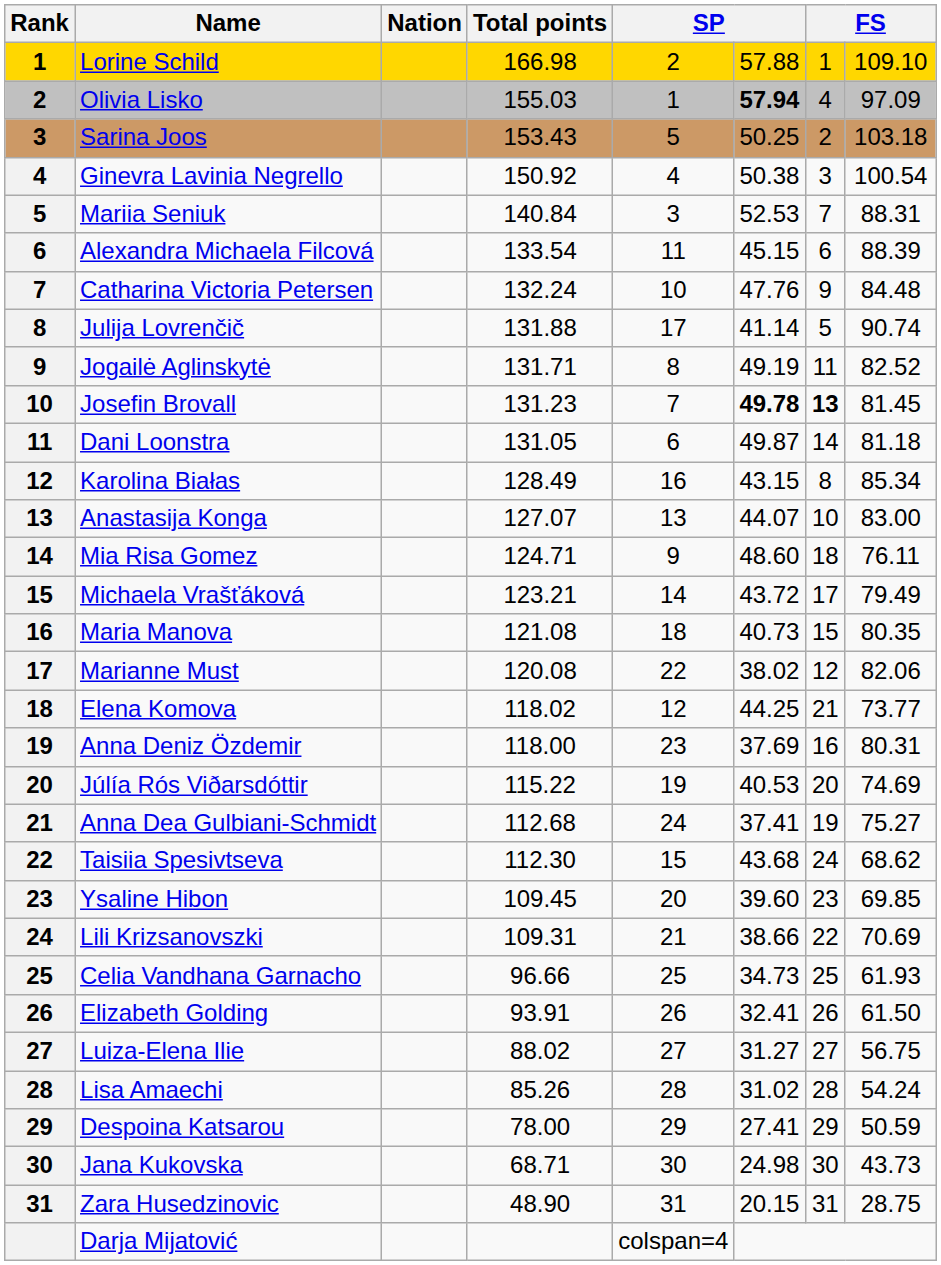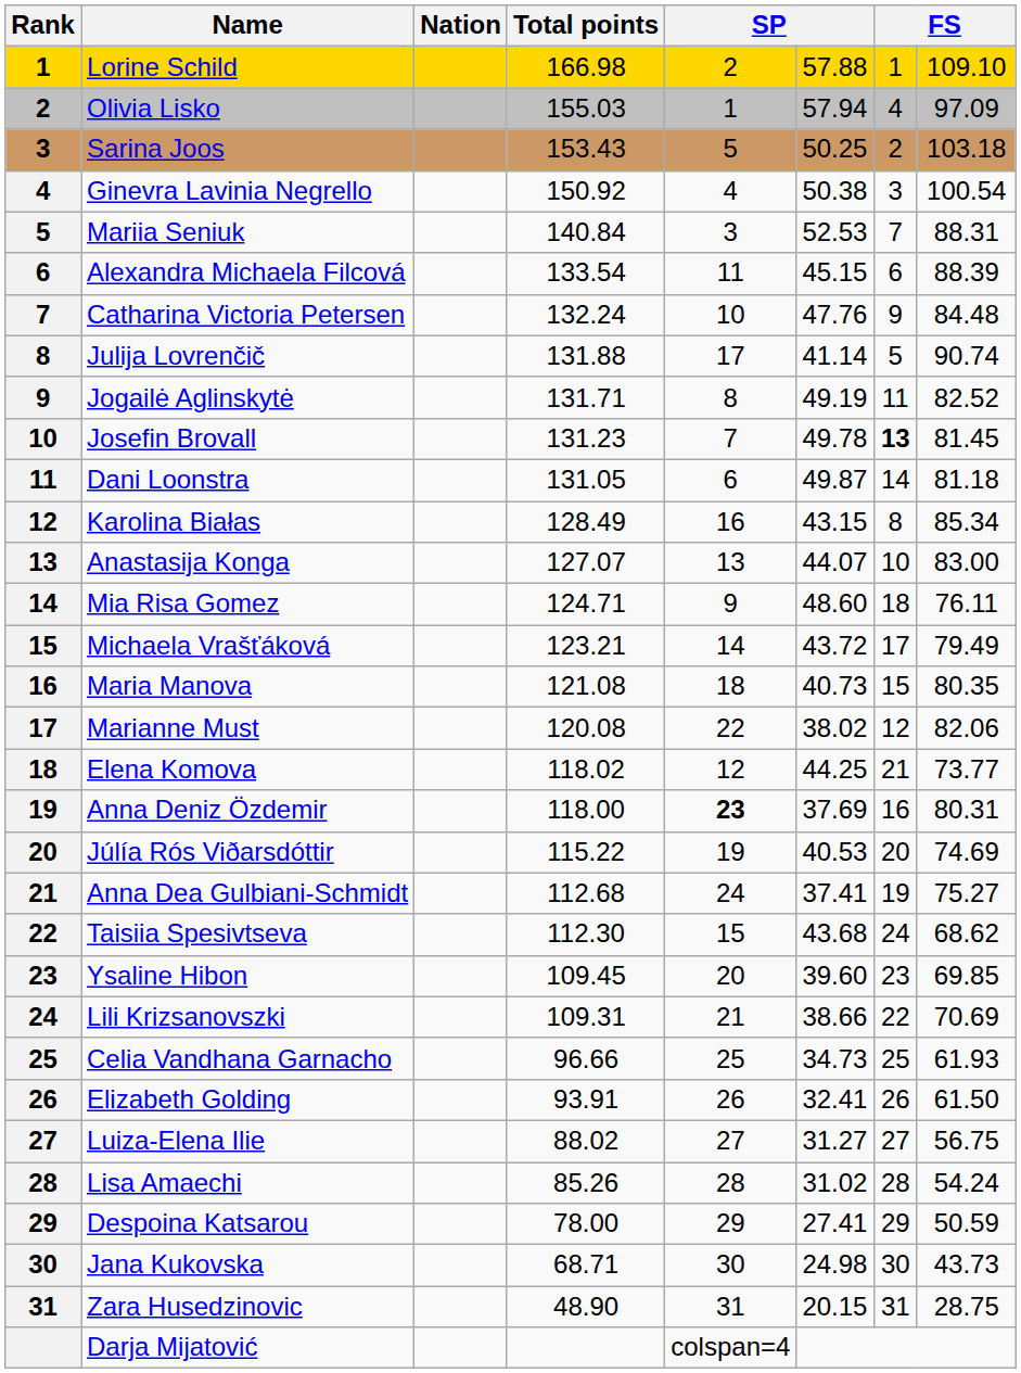 <table class="wikitable sortable" style="text-align:center;">
 <tr>
 <th>Rank</th>
 <th>Name</th>
 <th>Nation</th>
 <th>Total points</th>
 <th colspan="2" width="80px"><a href='#'>SP</a></th>
 <th colspan="2" width="80px"><a href='#'>FS</a></th>
 </tr>
 <tr bgcolor="gold">
 <td><strong>1</strong></td>
 <td align="left"><a href='#'>Lorine Schild</a></td>
 <td align="left"></td>
 <td>166.98</td>
 <td>2</td>
 <td>57.88</td>
 <td>1</td>
 <td>109.10</td>
 </tr>
 <tr bgcolor="silver">
 <td><strong>2</strong></td>
 <td align="left"><a href='#'>Olivia Lisko</a></td>
 <td align="left"></td>
 <td>155.03</td>
 <td>1</td>
-<td><strong>57.94</strong></td>
+<td>57.94</td>
 <td>4</td>
 <td>97.09</td>
 </tr>
 <tr bgcolor="CC9966">
 <td><strong>3</strong></td>
 <td align="left"><a href='#'>Sarina Joos</a></td>
 <td align="left"></td>
 <td>153.43</td>
 <td>5</td>
 <td>50.25</td>
 <td>2</td>
 <td>103.18</td>
 </tr>
 <tr>
 <th>4</th>
 <td align="left"><a href='#'>Ginevra Lavinia Negrello</a></td>
 <td align="left"></td>
 <td>150.92</td>
 <td>4</td>
 <td>50.38</td>
 <td>3</td>
 <td>100.54</td>
 </tr>
 <tr>
 <th>5</th>
 <td align="left"><a href='#'>Mariia Seniuk</a></td>
 <td align="left"></td>
 <td>140.84</td>
 <td>3</td>
 <td>52.53</td>
 <td>7</td>
 <td>88.31</td>
 </tr>
 <tr>
 <th>6</th>
 <td align="left"><a href='#'>Alexandra Michaela Filcová</a></td>
 <td align="left"></td>
 <td>133.54</td>
 <td>11</td>
 <td>45.15</td>
 <td>6</td>
 <td>88.39</td>
 </tr>
 <tr>
 <th>7</th>
 <td align="left"><a href='#'>Catharina Victoria Petersen</a></td>
 <td align="left"></td>
 <td>132.24</td>
 <td>10</td>
 <td>47.76</td>
 <td>9</td>
 <td>84.48</td>
 </tr>
 <tr>
 <th>8</th>
 <td align="left"><a href='#'>Julija Lovrenčič</a></td>
 <td align="left"></td>
 <td>131.88</td>
 <td>17</td>
 <td>41.14</td>
 <td>5</td>
 <td>90.74</td>
 </tr>
 <tr>
 <th>9</th>
 <td align="left"><a href='#'>Jogailė Aglinskytė</a></td>
 <td align="left"></td>
 <td>131.71</td>
 <td>8</td>
 <td>49.19</td>
 <td>11</td>
 <td>82.52</td>
 </tr>
 <tr>
 <th>10</th>
 <td align="left"><a href='#'>Josefin Brovall</a></td>
 <td align="left"></td>
 <td>131.23</td>
 <td>7</td>
-<td><strong>49.78</strong></td>
+<td>49.78</td>
 <td><strong>13</strong></td>
 <td>81.45</td>
 </tr>
 <tr>
 <th>11</th>
 <td align="left"><a href='#'>Dani Loonstra</a></td>
 <td align="left"></td>
 <td>131.05</td>
 <td>6</td>
 <td>49.87</td>
 <td>14</td>
 <td>81.18</td>
 </tr>
 <tr>
 <th>12</th>
 <td align="left"><a href='#'>Karolina Białas</a></td>
 <td align="left"></td>
 <td>128.49</td>
 <td>16</td>
 <td>43.15</td>
 <td>8</td>
 <td>85.34</td>
 </tr>
 <tr>
 <th>13</th>
 <td align="left"><a href='#'>Anastasija Konga</a></td>
 <td align="left"></td>
 <td>127.07</td>
 <td>13</td>
 <td>44.07</td>
 <td>10</td>
 <td>83.00</td>
 </tr>
 <tr>
 <th>14</th>
 <td align="left"><a href='#'>Mia Risa Gomez</a></td>
 <td align="left"></td>
 <td>124.71</td>
 <td>9</td>
 <td>48.60</td>
 <td>18</td>
 <td>76.11</td>
 </tr>
 <tr>
 <th>15</th>
 <td align="left"><a href='#'>Michaela Vrašťáková</a></td>
 <td align="left"></td>
 <td>123.21</td>
 <td>14</td>
 <td>43.72</td>
 <td>17</td>
 <td>79.49</td>
 </tr>
 <tr>
 <th>16</th>
 <td align="left"><a href='#'>Maria Manova</a></td>
 <td align="left"></td>
 <td>121.08</td>
 <td>18</td>
 <td>40.73</td>
 <td>15</td>
 <td>80.35</td>
 </tr>
 <tr>
 <th>17</th>
 <td align="left"><a href='#'>Marianne Must</a></td>
 <td align="left"></td>
 <td>120.08</td>
 <td>22</td>
 <td>38.02</td>
 <td>12</td>
 <td>82.06</td>
 </tr>
 <tr>
 <th>18</th>
 <td align="left"><a href='#'>Elena Komova</a></td>
 <td align="left"></td>
 <td>118.02</td>
 <td>12</td>
 <td>44.25</td>
 <td>21</td>
 <td>73.77</td>
 </tr>
 <tr>
 <th>19</th>
 <td align="left"><a href='#'>Anna Deniz Özdemir</a></td>
 <td align="left"></td>
 <td>118.00</td>
-<td>23</td>
+<td><strong>23</strong></td>
 <td>37.69</td>
 <td>16</td>
 <td>80.31</td>
 </tr>
 <tr>
 <th>20</th>
 <td align="left"><a href='#'>Júlía Rós Viðarsdóttir</a></td>
 <td align="left"></td>
 <td>115.22</td>
 <td>19</td>
 <td>40.53</td>
 <td>20</td>
 <td>74.69</td>
 </tr>
 <tr>
 <th>21</th>
 <td align="left"><a href='#'>Anna Dea Gulbiani-Schmidt</a></td>
 <td align="left"></td>
 <td>112.68</td>
 <td>24</td>
 <td>37.41</td>
 <td>19</td>
 <td>75.27</td>
 </tr>
 <tr>
 <th>22</th>
 <td align="left"><a href='#'>Taisiia Spesivtseva</a></td>
 <td align="left"></td>
 <td>112.30</td>
 <td>15</td>
 <td>43.68</td>
 <td>24</td>
 <td>68.62</td>
 </tr>
 <tr>
 <th>23</th>
 <td align="left"><a href='#'>Ysaline Hibon</a></td>
 <td align="left"></td>
 <td>109.45</td>
 <td>20</td>
 <td>39.60</td>
 <td>23</td>
 <td>69.85</td>
 </tr>
 <tr>
 <th>24</th>
 <td align="left"><a href='#'>Lili Krizsanovszki</a></td>
 <td align="left"></td>
 <td>109.31</td>
 <td>21</td>
 <td>38.66</td>
 <td>22</td>
 <td>70.69</td>
 </tr>
 <tr>
 <th>25</th>
 <td align="left"><a href='#'>Celia Vandhana Garnacho</a></td>
 <td align="left"></td>
 <td>96.66</td>
 <td>25</td>
 <td>34.73</td>
 <td>25</td>
 <td>61.93</td>
 </tr>
 <tr>
 <th>26</th>
 <td align="left"><a href='#'>Elizabeth Golding</a></td>
 <td align="left"></td>
 <td>93.91</td>
 <td>26</td>
 <td>32.41</td>
 <td>26</td>
 <td>61.50</td>
 </tr>
 <tr>
 <th>27</th>
 <td align="left"><a href='#'>Luiza-Elena Ilie</a></td>
 <td align="left"></td>
 <td>88.02</td>
 <td>27</td>
 <td>31.27</td>
 <td>27</td>
 <td>56.75</td>
 </tr>
 <tr>
 <th>28</th>
 <td align="left"><a href='#'>Lisa Amaechi</a></td>
 <td align="left"></td>
 <td>85.26</td>
 <td>28</td>
 <td>31.02</td>
 <td>28</td>
 <td>54.24</td>
 </tr>
 <tr>
 <th>29</th>
 <td align="left"><a href='#'>Despoina Katsarou</a></td>
 <td align="left"></td>
 <td>78.00</td>
 <td>29</td>
 <td>27.41</td>
 <td>29</td>
 <td>50.59</td>
 </tr>
 <tr>
 <th>30</th>
 <td align="left"><a href='#'>Jana Kukovska</a></td>
 <td align="left"></td>
 <td>68.71</td>
 <td>30</td>
 <td>24.98</td>
 <td>30</td>
 <td>43.73</td>
 </tr>
 <tr>
 <th>31</th>
 <td align="left"><a href='#'>Zara Husedzinovic</a></td>
 <td align="left"></td>
 <td>48.90</td>
 <td>31</td>
 <td>20.15</td>
 <td>31</td>
 <td>28.75</td>
 </tr>
 <tr>
 <th></th>
 <td align="left"><a href='#'>Darja Mijatović</a></td>
 <td align="left"></td>
 <td></td>
 <td>colspan=4 </td>
 </tr>
 </table>
